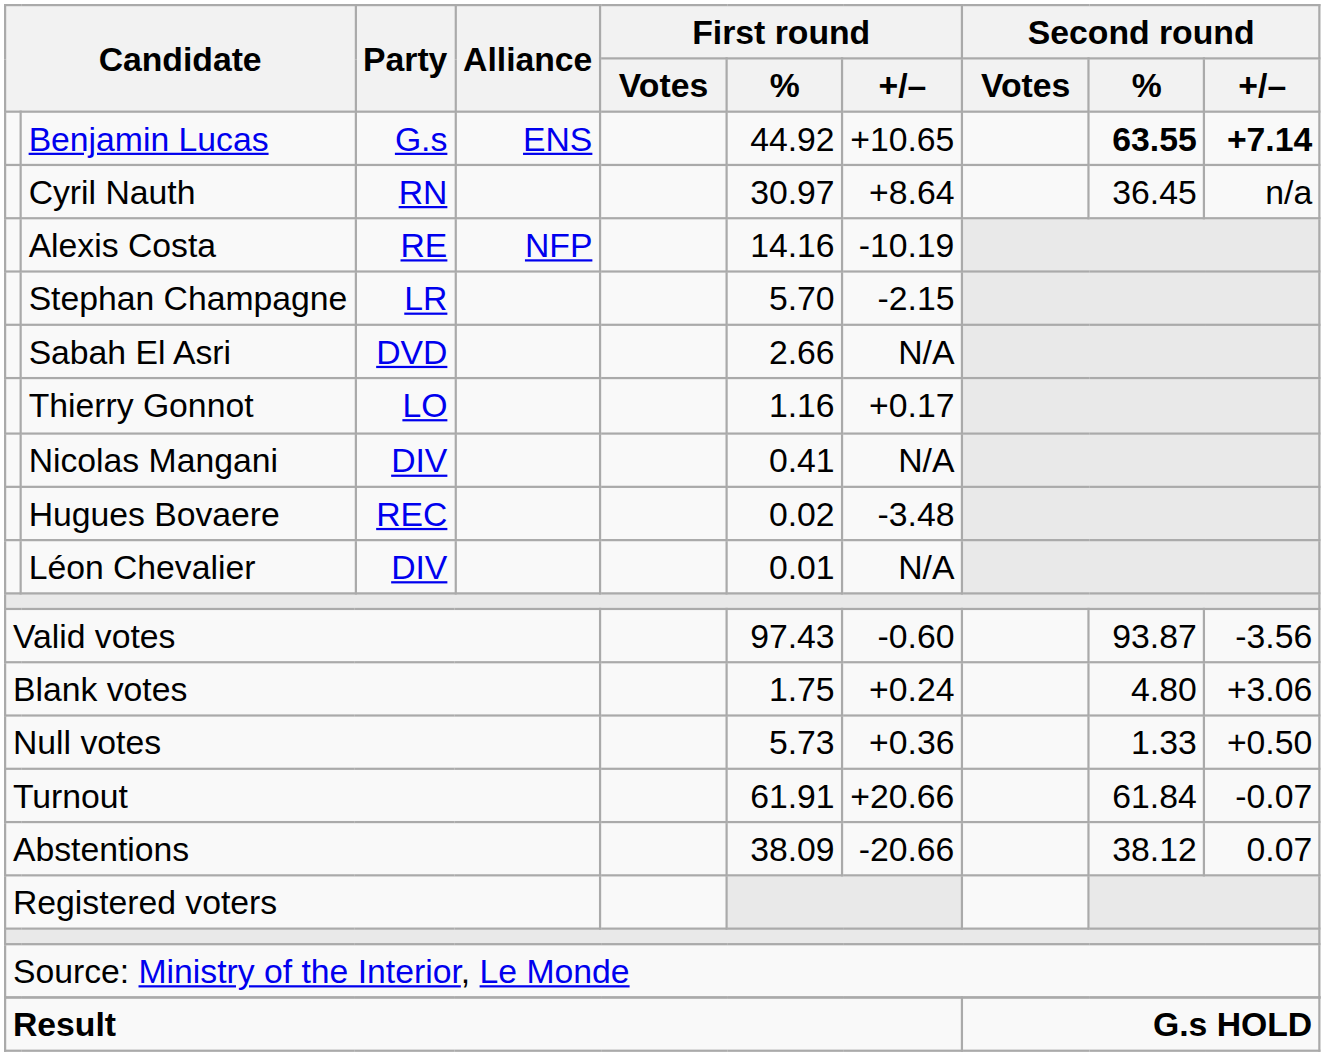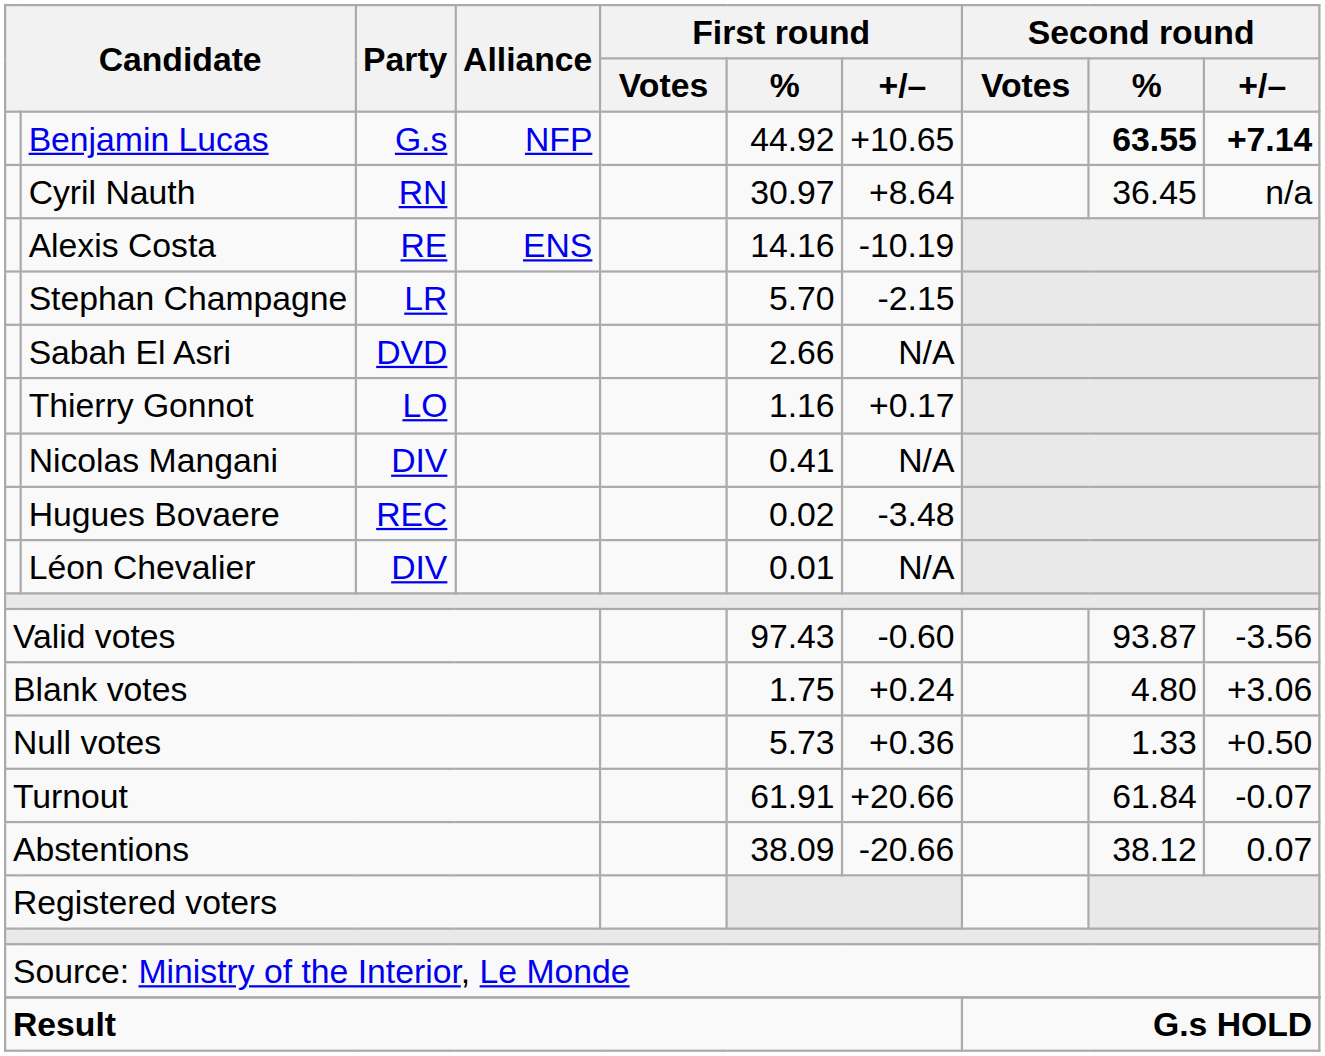 <table class="wikitable" style="text-align:right;font-size:95%;">
 <tr>
 <th rowspan="2" colspan="2">Candidate</th>
 <th rowspan="2">Party</th>
 <th rowspan="2">Alliance</th>
 <th colspan="3">First round</th>
 <th colspan="3">Second round</th>
 </tr>
 <tr>
 <th style="width:50px;">Votes</th>
 <th style="width:45px;">%</th>
 <th style="width:45px;">+/–</th>
 <th style="width:50px;">Votes</th>
 <th style="width:45px;">%</th>
 <th style="width:45px;">+/–</th>
 </tr>
 <tr>
 <td style="color:inherit;background:"></td>
 <td style="text-align:left;"><a href='#'>Benjamin Lucas</a></td>
 <td><a href='#'>G.s</a></td>
-<td><a href='#'>ENS</a></td>
+<td><a href='#'>NFP</a></td>
 <td></td>
 <td>44.92</td>
 <td>+10.65</td>
 <td><strong> </strong></td>
 <td><strong>63.55 </strong></td>
 <td><strong>+7.14</strong></td>
 </tr>
 <tr>
 <td style="color:inherit;background:"></td>
 <td style="text-align:left;">Cyril Nauth</td>
 <td><a href='#'>RN</a></td>
 <td></td>
 <td></td>
 <td>30.97</td>
 <td>+8.64</td>
 <td></td>
 <td>36.45</td>
 <td>n/a</td>
 </tr>
 <tr>
 <td style="color:inherit;background:"></td>
 <td style="text-align:left;">Alexis Costa</td>
 <td><a href='#'>RE</a></td>
-<td><a href='#'>NFP</a></td>
+<td><a href='#'>ENS</a></td>
 <td></td>
 <td>14.16</td>
 <td>-10.19</td>
 <td colspan="3" style="background:#E9E9E9;"></td>
 </tr>
 <tr>
 <td style="color:inherit;background:"></td>
 <td style="text-align:left;">Stephan Champagne</td>
 <td><a href='#'>LR</a></td>
 <td></td>
 <td></td>
 <td>5.70</td>
 <td>-2.15</td>
 <td colspan="3" style="background:#E9E9E9;"></td>
 </tr>
 <tr>
 <td style="color:inherit;background:"></td>
 <td style="text-align:left;">Sabah El Asri</td>
 <td><a href='#'>DVD</a></td>
 <td></td>
 <td></td>
 <td>2.66</td>
 <td>N/A</td>
 <td colspan="3" style="background:#E9E9E9;"></td>
 </tr>
 <tr>
 <td style="color:inherit;background:"></td>
 <td style="text-align:left;">Thierry Gonnot</td>
 <td><a href='#'>LO</a></td>
 <td></td>
 <td></td>
 <td>1.16</td>
 <td>+0.17</td>
 <td colspan="3" style="background:#E9E9E9;"></td>
 </tr>
 <tr>
 <td style="color:inherit;background:"></td>
 <td style="text-align:left;">Nicolas Mangani</td>
 <td><a href='#'>DIV</a></td>
 <td></td>
 <td></td>
 <td>0.41</td>
 <td>N/A</td>
 <td colspan="3" style="background:#E9E9E9;"></td>
 </tr>
 <tr>
 <td style="color:inherit;background:"></td>
 <td style="text-align:left;">Hugues Bovaere</td>
 <td><a href='#'>REC</a></td>
 <td></td>
 <td></td>
 <td>0.02</td>
 <td>-3.48</td>
 <td colspan="3" style="background:#E9E9E9;"></td>
 </tr>
 <tr>
 <td style="color:inherit;background:"></td>
 <td style="text-align:left;">Léon Chevalier</td>
 <td><a href='#'>DIV</a></td>
 <td></td>
 <td></td>
 <td>0.01</td>
 <td>N/A</td>
 <td colspan="3" style="background:#E9E9E9;"></td>
 </tr>
 <tr>
 <td colspan="10" style="background:#E9E9E9;"></td>
 </tr>
 <tr>
 <td colspan="4" style="text-align:left;">Valid votes</td>
 <td></td>
 <td>97.43</td>
 <td>-0.60</td>
 <td></td>
 <td>93.87</td>
 <td>-3.56</td>
 </tr>
 <tr>
 <td colspan="4" style="text-align:left;">Blank votes</td>
 <td></td>
 <td>1.75</td>
 <td>+0.24</td>
 <td></td>
 <td>4.80</td>
 <td>+3.06</td>
 </tr>
 <tr>
 <td colspan="4" style="text-align:left;">Null votes</td>
 <td></td>
 <td>5.73</td>
 <td>+0.36</td>
 <td></td>
 <td>1.33</td>
 <td>+0.50</td>
 </tr>
 <tr>
 <td colspan="4" style="text-align:left;">Turnout</td>
 <td></td>
 <td>61.91</td>
 <td>+20.66</td>
 <td></td>
 <td>61.84</td>
 <td>-0.07</td>
 </tr>
 <tr>
 <td colspan="4" style="text-align:left;">Abstentions</td>
 <td></td>
 <td>38.09</td>
 <td>-20.66</td>
 <td></td>
 <td>38.12</td>
 <td>0.07</td>
 </tr>
 <tr>
 <td colspan="4" style="text-align:left;">Registered voters</td>
 <td></td>
 <td colspan="2" style="background:#E9E9E9;"></td>
 <td></td>
 <td colspan="2" style="background:#E9E9E9;"></td>
 </tr>
 <tr>
 <td colspan="10" style="background:#E9E9E9;"></td>
 </tr>
 <tr>
 <td colspan="10" style="text-align:left;">Source: <a href='#'>Ministry of the Interior</a>, <a href='#'>Le Monde</a></td>
 </tr>
 <tr>
 </tr>
 <tr style="font-weight:bold">
 <td colspan="7" style="text-align:left;">Result</td>
 <td colspan="7" style="background-color:">G.s HOLD</td>
 </tr>
 </table>
